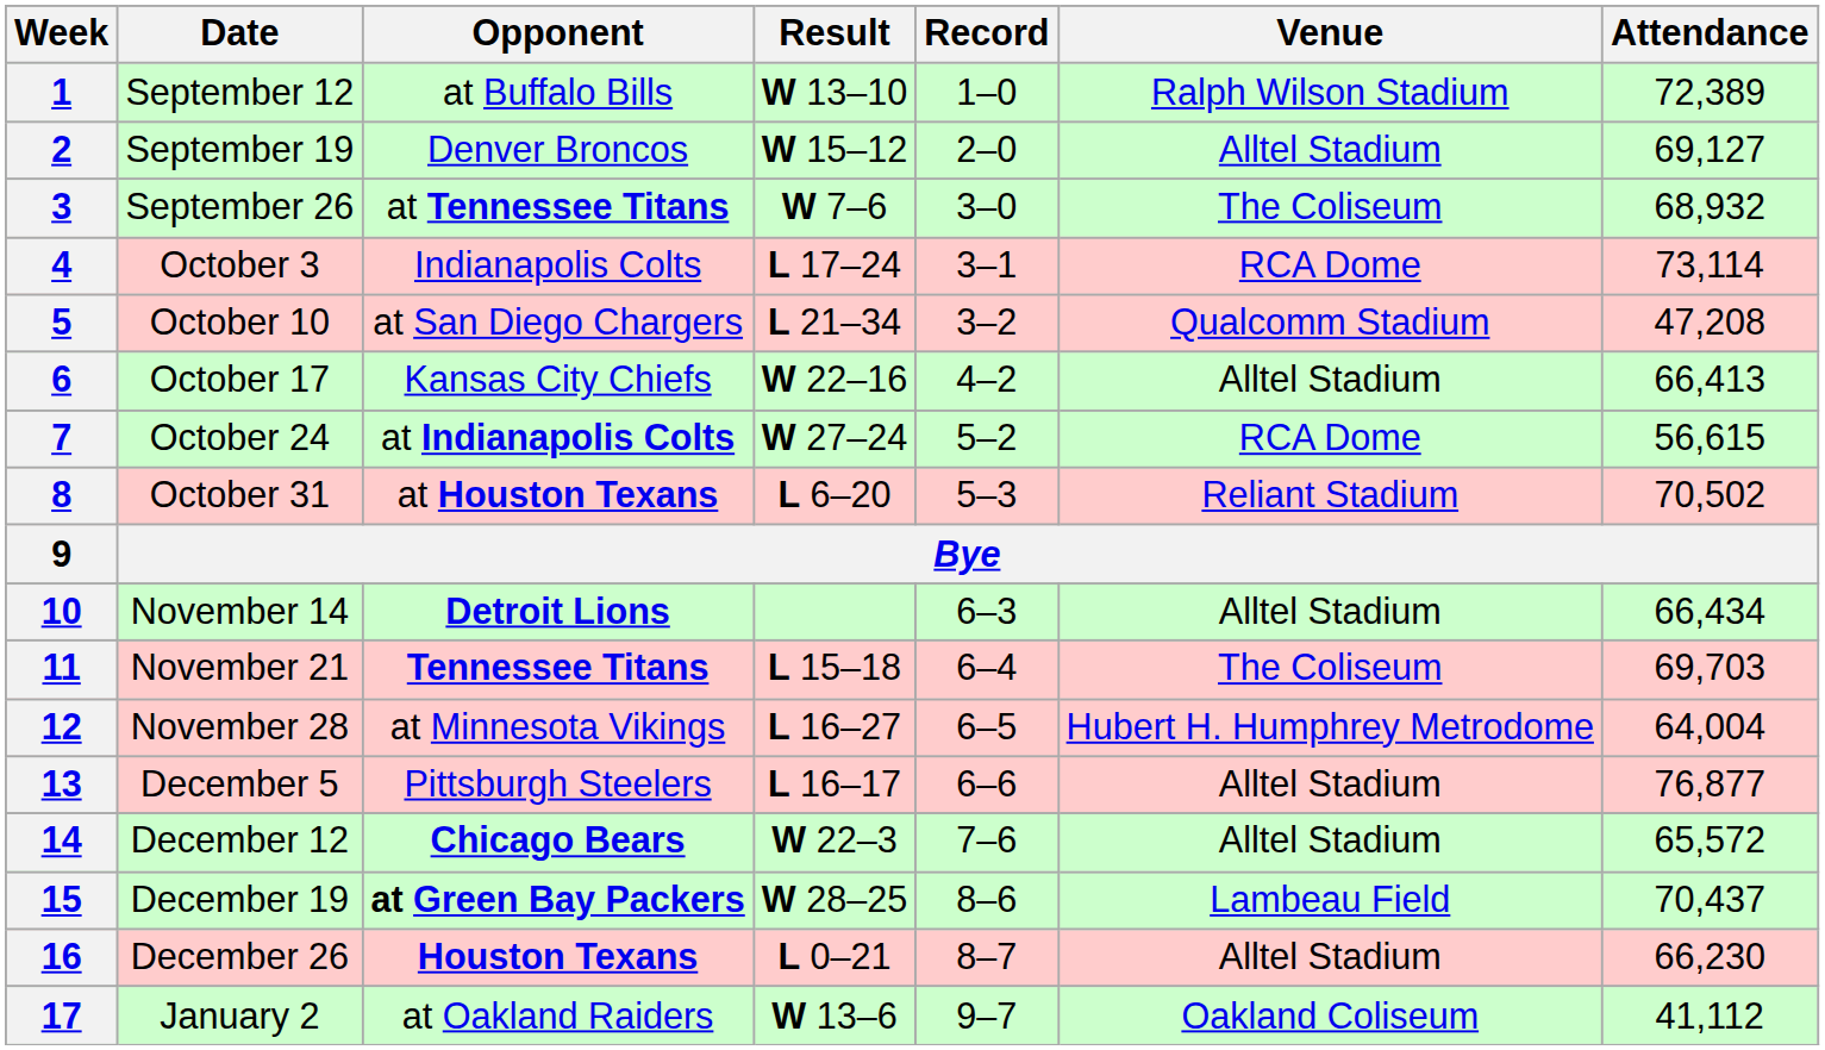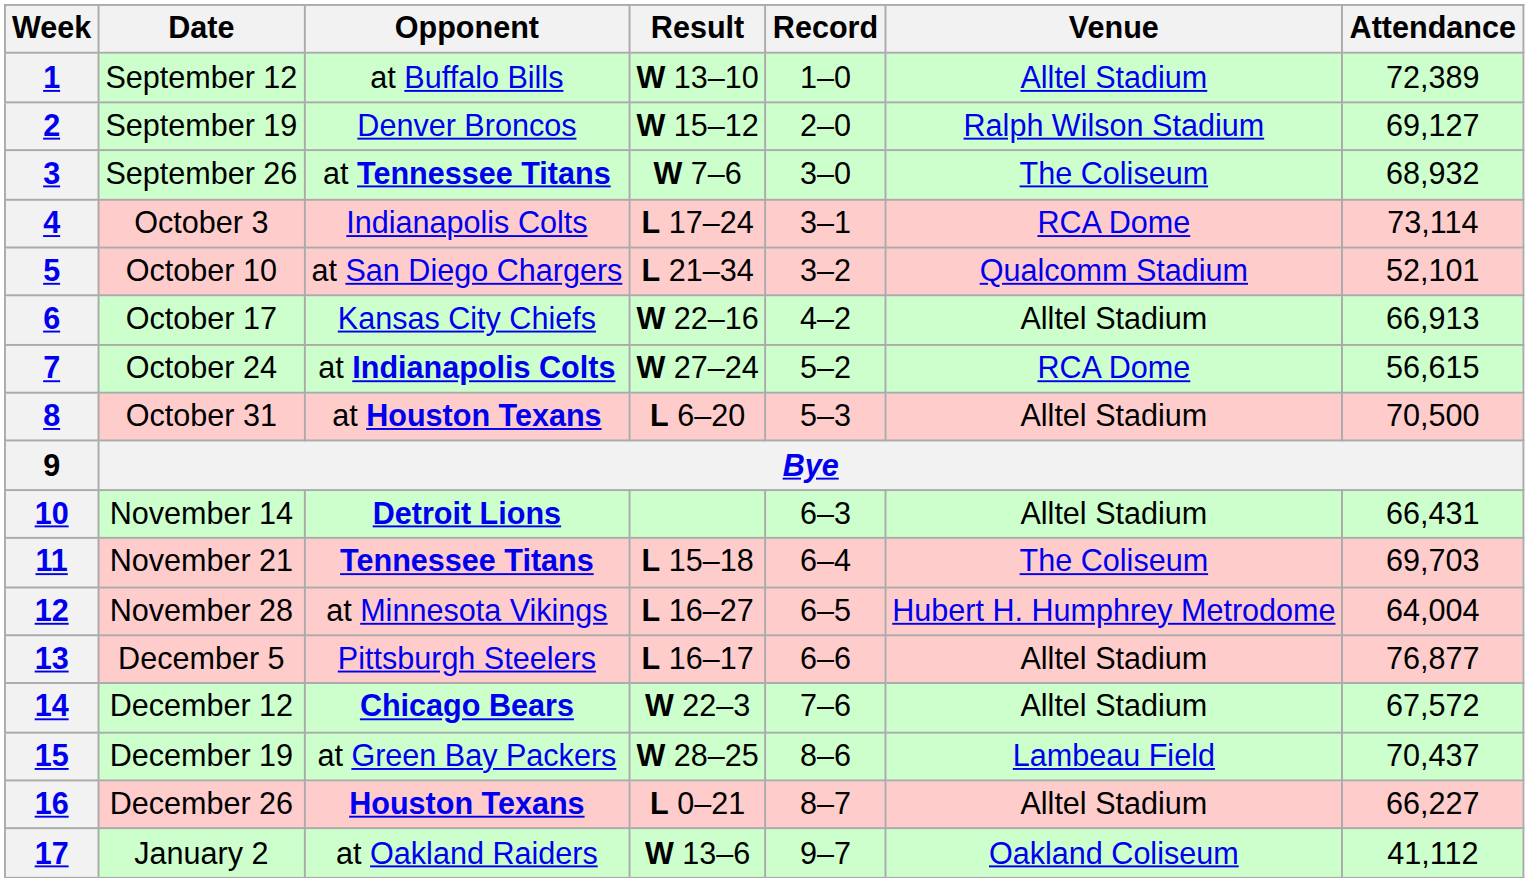 <table class="wikitable" style="text-align:center">
 <tr>
 <th>Week</th>
 <th>Date</th>
 <th>Opponent</th>
 <th>Result</th>
 <th>Record</th>
 <th>Venue</th>
 <th>Attendance</th>
 </tr>
 <tr style="background:#cfc">
 <th><a href='#'>1</a></th>
 <td>September 12</td>
 <td>at <a href='#'>Buffalo Bills</a></td>
 <td><strong>W</strong> 13–10</td>
 <td>1–0</td>
-<td><a href='#'>Ralph Wilson Stadium</a></td>
+<td><a href='#'>Alltel Stadium</a></td>
 <td>72,389</td>
 </tr>
 <tr style="background:#cfc">
 <th><a href='#'>2</a></th>
 <td>September 19</td>
 <td><a href='#'>Denver Broncos</a></td>
 <td><strong>W</strong> 15–12</td>
 <td>2–0</td>
-<td><a href='#'>Alltel Stadium</a></td>
+<td><a href='#'>Ralph Wilson Stadium</a></td>
 <td>69,127</td>
 </tr>
 <tr style="background:#cfc">
 <th><a href='#'>3</a></th>
 <td>September 26</td>
 <td>at <strong><a href='#'>Tennessee Titans</a></strong></td>
 <td><strong>W</strong> 7–6</td>
 <td>3–0</td>
 <td><a href='#'>The Coliseum</a></td>
 <td>68,932</td>
 </tr>
 <tr style="background:#fcc">
 <th><a href='#'>4</a></th>
 <td>October 3</td>
 <td><a href='#'>Indianapolis Colts</a></td>
 <td><strong>L</strong> 17–24</td>
 <td>3–1</td>
 <td><a href='#'>RCA Dome</a></td>
 <td>73,114</td>
 </tr>
 <tr style="background:#fcc">
 <th><a href='#'>5</a></th>
 <td>October 10</td>
 <td>at <a href='#'>San Diego Chargers</a></td>
 <td><strong>L</strong> 21–34</td>
 <td>3–2</td>
 <td><a href='#'>Qualcomm Stadium</a></td>
-<td>47,208</td>
+<td>52,101</td>
 </tr>
 <tr style="background:#cfc">
 <th><a href='#'>6</a></th>
 <td>October 17</td>
 <td><a href='#'>Kansas City Chiefs</a></td>
 <td><strong>W</strong> 22–16</td>
 <td>4–2</td>
 <td>Alltel Stadium</td>
-<td>66,413</td>
+<td>66,913</td>
 </tr>
 <tr style="background:#cfc">
 <th><a href='#'>7</a></th>
 <td>October 24</td>
 <td>at <strong><a href='#'>Indianapolis Colts</a></strong></td>
 <td><strong>W</strong> 27–24</td>
 <td>5–2</td>
 <td><a href='#'>RCA Dome</a></td>
 <td>56,615</td>
 </tr>
 <tr style="background:#fcc">
 <th><a href='#'>8</a></th>
 <td>October 31</td>
 <td>at <strong><a href='#'>Houston Texans</a></strong></td>
 <td><strong>L</strong> 6–20</td>
 <td>5–3</td>
-<td><a href='#'>Reliant Stadium</a></td>
-<td>70,502</td>
+<td>Alltel Stadium</td>
+<td>70,500</td>
 </tr>
 <tr>
 <th>9</th>
 <th colspan="6"><em><a href='#'>Bye</a></em></th>
 </tr>
 <tr style="background:#cfc">
 <th><a href='#'>10</a></th>
 <td>November 14</td>
 <td><strong><a href='#'>Detroit Lions</a></strong></td>
 <td></td>
 <td>6–3</td>
 <td>Alltel Stadium</td>
-<td>66,434</td>
+<td>66,431</td>
 </tr>
 <tr style="background:#fcc">
 <th><a href='#'>11</a></th>
 <td>November 21</td>
 <td><strong><a href='#'>Tennessee Titans</a></strong></td>
 <td><strong>L</strong> 15–18</td>
 <td>6–4</td>
 <td><a href='#'>The Coliseum</a></td>
 <td>69,703</td>
 </tr>
 <tr style="background:#fcc">
 <th><a href='#'>12</a></th>
 <td>November 28</td>
 <td>at <a href='#'>Minnesota Vikings</a></td>
 <td><strong>L</strong> 16–27</td>
 <td>6–5</td>
 <td><a href='#'>Hubert H. Humphrey Metrodome</a></td>
 <td>64,004</td>
 </tr>
 <tr style="background:#fcc">
 <th><a href='#'>13</a></th>
 <td>December 5</td>
 <td><a href='#'>Pittsburgh Steelers</a></td>
 <td><strong>L</strong> 16–17</td>
 <td>6–6</td>
 <td>Alltel Stadium</td>
 <td>76,877</td>
 </tr>
 <tr style="background:#cfc">
 <th><a href='#'>14</a></th>
 <td>December 12</td>
 <td><strong><a href='#'>Chicago Bears</a></strong></td>
 <td><strong>W</strong> 22–3</td>
 <td>7–6</td>
 <td>Alltel Stadium</td>
-<td>65,572</td>
+<td>67,572</td>
 </tr>
 <tr style="background:#cfc">
 <th><a href='#'>15</a></th>
 <td>December 19</td>
-<td><strong>at <a href='#'>Green Bay Packers</a></strong></td>
+<td>at <a href='#'>Green Bay Packers</a></td>
 <td><strong>W</strong> 28–25</td>
 <td>8–6</td>
 <td><a href='#'>Lambeau Field</a></td>
 <td>70,437</td>
 </tr>
 <tr style="background:#fcc">
 <th><a href='#'>16</a></th>
 <td>December 26</td>
 <td><strong><a href='#'>Houston Texans</a></strong></td>
 <td><strong>L</strong> 0–21</td>
 <td>8–7</td>
 <td>Alltel Stadium</td>
-<td>66,230</td>
+<td>66,227</td>
 </tr>
 <tr style="background:#cfc">
 <th><a href='#'>17</a></th>
 <td>January 2</td>
 <td>at <a href='#'>Oakland Raiders</a></td>
 <td><strong>W</strong> 13–6</td>
 <td>9–7</td>
 <td><a href='#'>Oakland Coliseum</a></td>
 <td>41,112</td>
 </tr>
 </table>
